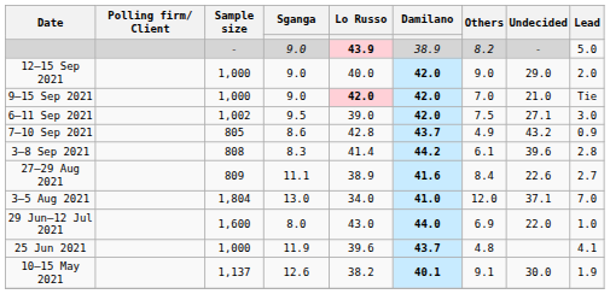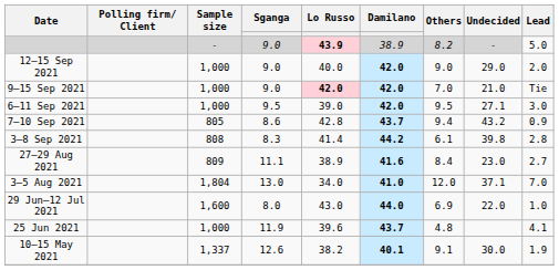 <table class=wikitable style="text-align:center;font-size:85%;line-height:13px">
 <tr style="height:30px; background-color:#E9E9E9">
 <th style="width:110px;" rowspan="2">Date</th>
 <th style="width:130px;" rowspan="2">Polling firm/<br>Client</th>
 <th style="width:60px;" rowspan="2">Sample size</th>
 <th style="width:70px;">Sganga</th>
 <th style="width:70px;">Lo Russo</th>
 <th style="width:70px;">Damilano</th>
 <th style="width:40px;" rowspan="2">Others</th>
 <th style="width:40px;" rowspan="2">Undecided</th>
 <th style="width:30px;" rowspan="2">Lead</th>
 </tr>
 <tr>
 <th style="background:"></th>
 <th style="background:"></th>
 <th style="background:"></th>
 </tr>
 <tr>
 <td style="background:#D5D5D5"></td>
 <td style="background:#D5D5D5"></td>
 <td style="background:#D5D5D5"><em>-</em></td>
 <td style="background:#D5D5D5"><em>9.0</em></td>
 <td style="background:#FFD0D7"><strong>43.9</strong></td>
 <td style="background:#D5D5D5"><em>38.9</em></td>
 <td style="background:#D5D5D5"><em>8.2</em></td>
 <td style="background:#D5D5D5"><em>-</em></td>
 <td style="background:">5.0</td>
 </tr>
 <tr>
 <td>12–15 Sep 2021</td>
 <td></td>
 <td>1,000</td>
 <td>9.0</td>
 <td>40.0</td>
 <td style="background:#C8EBFF"><strong>42.0</strong></td>
 <td>9.0</td>
 <td>29.0</td>
 <td style="background:">2.0</td>
 </tr>
 <tr>
 <td>9–15 Sep 2021</td>
 <td></td>
 <td>1,000</td>
 <td>9.0</td>
 <td style="background:#FFD0D7"><strong>42.0</strong></td>
 <td style="background:#C8EBFF"><strong>42.0</strong></td>
 <td>7.0</td>
 <td>21.0</td>
 <td>Tie</td>
 </tr>
 <tr>
 <td>6–11 Sep 2021</td>
 <td></td>
-<td>1,002</td>
+<td>1,000</td>
 <td>9.5</td>
 <td>39.0</td>
 <td style="background:#C8EBFF"><strong>42.0</strong></td>
-<td>7.5</td>
+<td>9.5</td>
 <td>27.1</td>
 <td style="background:">3.0</td>
 </tr>
 <tr>
 <td>7–10 Sep 2021</td>
 <td></td>
 <td>805</td>
 <td>8.6</td>
 <td>42.8</td>
 <td style="background:#C8EBFF"><strong>43.7</strong></td>
-<td>4.9</td>
+<td>9.4</td>
 <td>43.2</td>
 <td style="background:">0.9</td>
 </tr>
 <tr>
 <td>3–8 Sep 2021</td>
 <td></td>
 <td>808</td>
 <td>8.3</td>
 <td>41.4</td>
 <td style="background:#C8EBFF"><strong>44.2</strong></td>
 <td>6.1</td>
-<td>39.6</td>
+<td>39.8</td>
 <td style="background:">2.8</td>
 </tr>
 <tr>
 <td>27–29 Aug 2021</td>
 <td></td>
 <td>809</td>
 <td>11.1</td>
 <td>38.9</td>
 <td style="background:#C8EBFF"><strong>41.6</strong></td>
 <td>8.4</td>
-<td>22.6</td>
+<td>23.0</td>
 <td style="background:">2.7</td>
 </tr>
 <tr>
 <td>3–5 Aug 2021</td>
 <td></td>
 <td>1,804</td>
 <td>13.0</td>
 <td>34.0</td>
 <td style="background:#C8EBFF"><strong>41.0</strong></td>
 <td>12.0</td>
 <td>37.1</td>
 <td style="background:">7.0</td>
 </tr>
 <tr>
 <td>29 Jun–12 Jul 2021</td>
 <td></td>
 <td>1,600</td>
 <td>8.0</td>
 <td>43.0</td>
 <td style="background:#C8EBFF"><strong>44.0</strong></td>
 <td>6.9</td>
 <td>22.0</td>
 <td style="background:">1.0</td>
 </tr>
 <tr>
 <td>25 Jun 2021</td>
 <td></td>
 <td>1,000</td>
 <td>11.9</td>
 <td>39.6</td>
 <td style="background:#C8EBFF"><strong>43.7</strong></td>
 <td>4.8</td>
 <td></td>
 <td style="background:">4.1</td>
 </tr>
 <tr>
 <td>10–15 May 2021</td>
 <td></td>
-<td>1,137</td>
+<td>1,337</td>
 <td>12.6</td>
 <td>38.2</td>
 <td style="background:#C8EBFF"><strong>40.1</strong></td>
 <td>9.1</td>
 <td>30.0</td>
 <td style="background:">1.9</td>
 </tr>
 <tr>
 </tr>
 </table>
